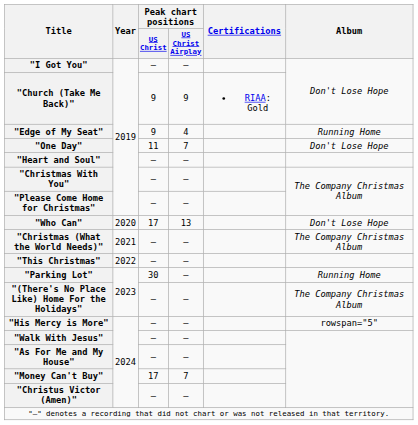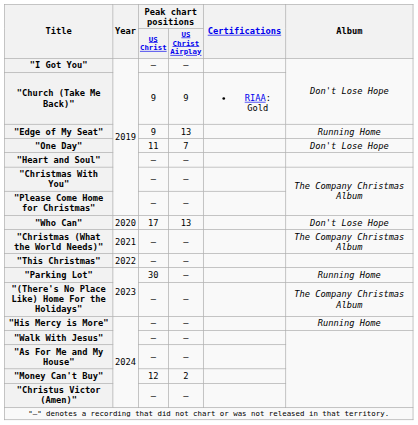 <table class="wikitable plainrowheaders" style="text-align:center;">
 <tr>
 <th rowspan="2" scope="col" style="width:12em;">Title</th>
 <th rowspan="2">Year</th>
 <th colspan="2">Peak chart positions</th>
 <th rowspan="2"><a href='#'>Certifications</a></th>
 <th rowspan="2">Album</th>
 </tr>
 <tr>
 <th scope="col" style="width:3em;font-size:85%;"><a href='#'>US<br>Christ</a><br></th>
 <th scope="col" style="width:3em;font-size:85%;"><a href='#'>US<br>Christ<br>Airplay</a><br></th>
 </tr>
 <tr>
 <th scope="row">"I Got You"</th>
 <td rowspan="7">2019</td>
 <td>—</td>
 <td>—</td>
 <td></td>
 <td rowspan="2"><em>Don't Lose Hope</em></td>
 </tr>
 <tr>
 <th scope="row">"Church (Take Me Back)"</th>
 <td>9</td>
 <td>9</td>
 <td><br><ul><li><a href='#'>RIAA</a>: Gold</li></ul></td>
 </tr>
 <tr>
 <th scope="row">"Edge of My Seat"<br></th>
 <td>9</td>
-<td>4</td>
+<td>13</td>
 <td></td>
 <td><em>Running Home</em></td>
 </tr>
 <tr>
 <th scope="row">"One Day"</th>
 <td>11</td>
 <td>7</td>
 <td></td>
 <td><em>Don't Lose Hope</em></td>
 </tr>
 <tr>
 <th scope="row">"Heart and Soul"</th>
 <td>—</td>
 <td>—</td>
 <td></td>
 <td></td>
 </tr>
 <tr>
 <th scope="row">"Christmas With You"</th>
 <td>—</td>
 <td>—</td>
 <td></td>
 <td rowspan="2"><em>The Company Christmas Album</em></td>
 </tr>
 <tr>
 <th scope="row">"Please Come Home for Christmas"</th>
 <td>—</td>
 <td>—</td>
 <td></td>
 </tr>
 <tr>
 <th scope="row">"Who Can"</th>
 <td>2020</td>
 <td>17</td>
 <td>13</td>
 <td></td>
 <td><em>Don't Lose Hope</em></td>
 </tr>
 <tr>
 <th scope="row">"Christmas (What the World Needs)"</th>
 <td>2021</td>
 <td>—</td>
 <td>—</td>
 <td></td>
 <td><em>The Company Christmas Album</em></td>
 </tr>
 <tr>
 <th scope="row">"This Christmas"</th>
 <td>2022</td>
 <td>—</td>
 <td>—</td>
 <td></td>
 <td></td>
 </tr>
 <tr>
 <th scope="row">"Parking Lot"</th>
 <td rowspan="2">2023</td>
 <td>30</td>
 <td>—</td>
 <td></td>
 <td><em>Running Home</em></td>
 </tr>
 <tr>
 <th scope="row">"(There's No Place Like) Home For the Holidays"</th>
 <td>—</td>
 <td>—</td>
 <td></td>
 <td><em>The Company Christmas Album</em></td>
 </tr>
 <tr>
 <th scope="row">"His Mercy is More"</th>
 <td rowspan="5">2024</td>
 <td>—</td>
 <td>—</td>
 <td></td>
-<td>rowspan="5" </td>
+<td><em>Running Home</em></td>
 </tr>
 <tr>
 <th scope="row">"Walk With Jesus"</th>
 <td>—</td>
 <td>—</td>
 <td></td>
 </tr>
 <tr>
 <th scope="row">"As For Me and My House"</th>
 <td>—</td>
 <td>—</td>
 <td></td>
 </tr>
 <tr>
 <th scope="row">"Money Can't Buy"</th>
-<td>17</td>
-<td>7</td>
+<td>12</td>
+<td>2</td>
 <td></td>
 </tr>
 <tr>
 <th scope="row">"Christus Victor (Amen)"</th>
 <td>—</td>
 <td>—</td>
 <td></td>
 </tr>
 <tr>
 <td colspan="12" style="font-size:85%">"—" denotes a recording that did not chart or was not released in that territory.</td>
 </tr>
 </table>
